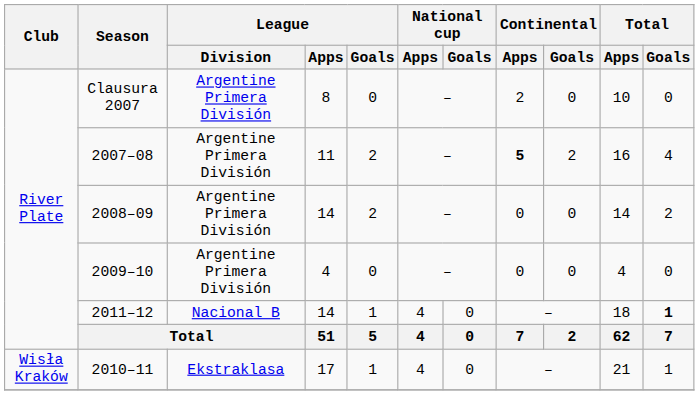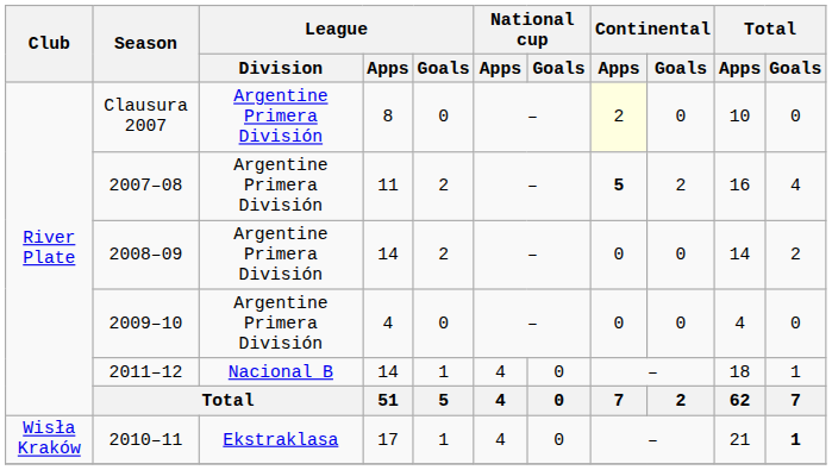 <table class="wikitable" style="text-align:center">
 <tr>
 <th rowspan="2">Club</th>
 <th rowspan="2">Season</th>
 <th colspan="3">League</th>
 <th colspan="2">National cup</th>
 <th colspan="2">Continental</th>
 <th colspan="2">Total</th>
 </tr>
 <tr>
 <th>Division</th>
 <th>Apps</th>
 <th>Goals</th>
 <th>Apps</th>
 <th>Goals</th>
 <th>Apps</th>
 <th>Goals</th>
 <th>Apps</th>
 <th>Goals</th>
 </tr>
 <tr>
 <td rowspan="6"><a href='#'>River Plate</a></td>
 <td>Clausura 2007</td>
 <td><a href='#'>Argentine Primera División</a></td>
 <td>8</td>
 <td>0</td>
 <td colspan="2">–</td>
-<td>2</td>
+<td style="background: lightyellow;">2</td>
 <td>0</td>
 <td>10</td>
 <td>0</td>
 </tr>
 <tr>
 <td>2007–08</td>
 <td>Argentine Primera División</td>
 <td>11</td>
 <td>2</td>
 <td colspan="2">–</td>
 <td><strong>5</strong></td>
 <td>2</td>
 <td>16</td>
 <td>4</td>
 </tr>
 <tr>
 <td>2008–09</td>
 <td>Argentine Primera División</td>
 <td>14</td>
 <td>2</td>
 <td colspan="2">–</td>
 <td>0</td>
 <td>0</td>
 <td>14</td>
 <td>2</td>
 </tr>
 <tr>
 <td>2009–10</td>
 <td>Argentine Primera División</td>
 <td>4</td>
 <td>0</td>
 <td colspan="2">–</td>
 <td>0</td>
 <td>0</td>
 <td>4</td>
 <td>0</td>
 </tr>
 <tr>
 <td>2011–12</td>
 <td><a href='#'>Nacional B</a></td>
 <td>14</td>
 <td>1</td>
 <td>4</td>
 <td>0</td>
 <td colspan="2">–</td>
 <td>18</td>
-<td><strong>1</strong></td>
+<td>1</td>
 </tr>
 <tr>
 <th colspan="2">Total</th>
 <th>51</th>
 <th>5</th>
 <th>4</th>
 <th>0</th>
 <th>7</th>
 <th>2</th>
 <th>62</th>
 <th>7</th>
 </tr>
 <tr>
 <td><a href='#'>Wisła Kraków</a></td>
 <td>2010–11</td>
 <td><a href='#'>Ekstraklasa</a></td>
 <td>17</td>
 <td>1</td>
 <td>4</td>
 <td>0</td>
 <td colspan="2">–</td>
 <td>21</td>
-<td>1</td>
+<td><strong>1</strong></td>
 </tr>
 <tr>
 </tr>
 </table>
